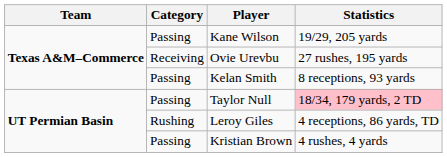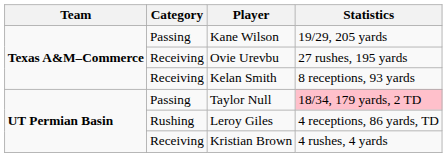 <table class="wikitable" style="float: right;">
 <tr>
 <th>Team</th>
 <th>Category</th>
 <th>Player</th>
 <th>Statistics</th>
 </tr>
 <tr>
 <td rowspan=3><strong>Texas A&M–Commerce</strong></td>
 <td>Passing</td>
 <td>Kane Wilson</td>
 <td>19/29, 205 yards</td>
 </tr>
 <tr>
 <td>Receiving</td>
 <td>Ovie Urevbu</td>
 <td>27 rushes, 195 yards</td>
 </tr>
 <tr>
-<td>Passing</td>
+<td>Receiving</td>
 <td>Kelan Smith</td>
 <td>8 receptions, 93 yards</td>
 </tr>
 <tr>
 <td rowspan=3><strong>UT Permian Basin</strong></td>
 <td>Passing</td>
 <td>Taylor Null</td>
 <td style="background: pink;">18/34, 179 yards, 2 TD</td>
 </tr>
 <tr>
 <td>Rushing</td>
 <td>Leroy Giles</td>
 <td>4 receptions, 86 yards, TD</td>
 </tr>
 <tr>
-<td>Passing</td>
+<td>Receiving</td>
 <td>Kristian Brown</td>
 <td>4 rushes, 4 yards</td>
 </tr>
 </table>
